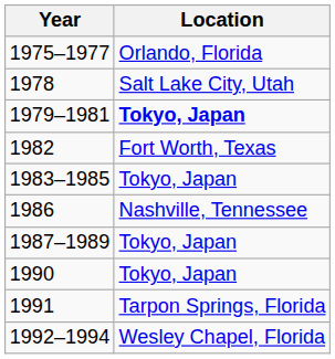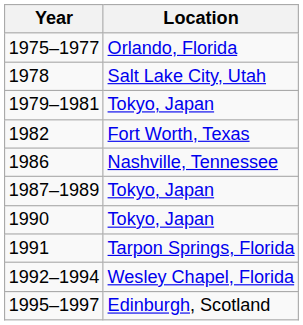 <table class="wikitable">
 <tr>
 <th>Year</th>
 <th>Location</th>
 </tr>
 <tr>
 <td>1975–1977</td>
 <td><a href='#'>Orlando, Florida</a></td>
 </tr>
 <tr>
 <td>1978</td>
 <td><a href='#'>Salt Lake City, Utah</a></td>
 </tr>
 <tr>
 <td>1979–1981</td>
-<td><strong><a href='#'>Tokyo, Japan</a></strong></td>
+<td><a href='#'>Tokyo, Japan</a></td>
 </tr>
 <tr>
 <td>1982</td>
 <td><a href='#'>Fort Worth, Texas</a></td>
-</tr>
-<tr>
-<td>1983–1985</td>
-<td><a href='#'>Tokyo, Japan</a></td>
 </tr>
 <tr>
 <td>1986</td>
 <td><a href='#'>Nashville, Tennessee</a></td>
 </tr>
 <tr>
 <td>1987–1989</td>
 <td><a href='#'>Tokyo, Japan</a></td>
 </tr>
 <tr>
 <td>1990</td>
 <td><a href='#'>Tokyo, Japan</a></td>
 </tr>
 <tr>
 <td>1991</td>
 <td><a href='#'>Tarpon Springs, Florida</a></td>
 </tr>
 <tr>
 <td>1992–1994</td>
 <td><a href='#'>Wesley Chapel, Florida</a></td>
 </tr>
+<tr>
+<td>1995–1997</td>
+<td><a href='#'>Edinburgh</a>, Scotland</td>
+</tr>
 </table>
